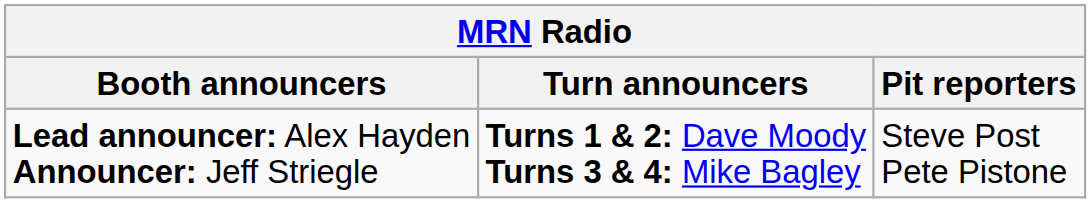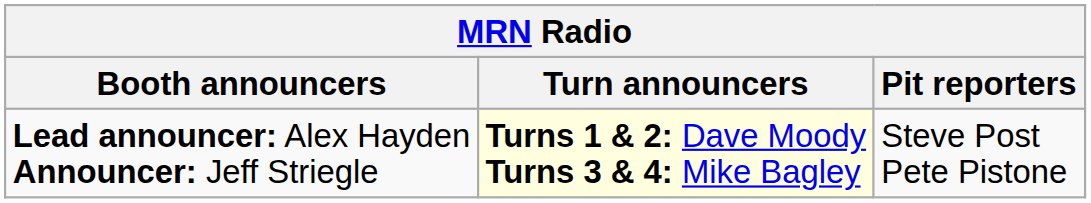 <table class="wikitable" style="font-size: 95%">
 <tr>
 <th colspan="3"><a href='#'>MRN</a> Radio</th>
 </tr>
 <tr>
 <th>Booth announcers</th>
 <th>Turn announcers</th>
 <th>Pit reporters</th>
 </tr>
 <tr>
 <td><strong>Lead announcer:</strong> Alex Hayden<br><strong>Announcer:</strong> Jeff Striegle</td>
-<td><strong>Turns 1 & 2:</strong> <a href='#'>Dave Moody</a><br><strong>Turns 3 & 4:</strong> <a href='#'>Mike Bagley</a></td>
+<td style="background: lightyellow;"><strong>Turns 1 & 2:</strong> <a href='#'>Dave Moody</a><br><strong>Turns 3 & 4:</strong> <a href='#'>Mike Bagley</a></td>
 <td>Steve Post<br>Pete Pistone</td>
 </tr>
 </table>
